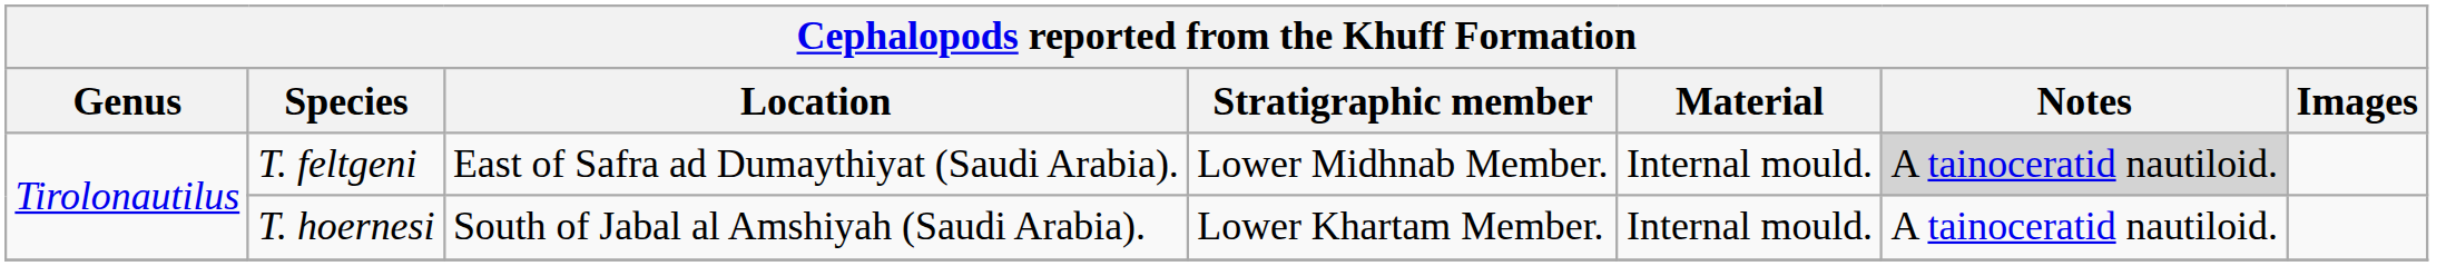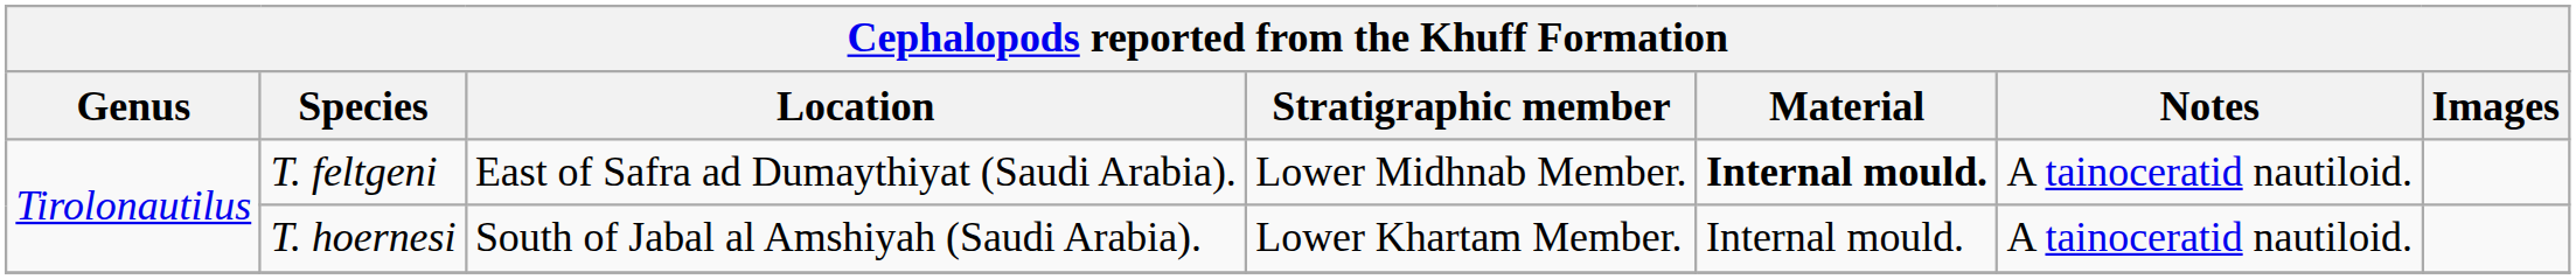 <table class="wikitable" align="center">
 <tr>
 <th colspan="7" align="center"><strong><a href='#'>Cephalopods</a> reported from the Khuff Formation</strong></th>
 </tr>
 <tr>
 <th>Genus</th>
 <th>Species</th>
 <th>Location</th>
 <th><strong>Stratigraphic member</strong></th>
 <th><strong>Material</strong></th>
 <th>Notes</th>
 <th>Images</th>
 </tr>
 <tr>
 <td rowspan="2"><em><a href='#'>Tirolonautilus</a></em></td>
 <td><em>T. feltgeni</em></td>
 <td>East of Safra ad Dumaythiyat (Saudi Arabia).</td>
 <td>Lower Midhnab Member.</td>
-<td>Internal mould.</td>
-<td style="background: lightgrey;">A <a href='#'>tainoceratid</a> nautiloid.</td>
+<td><strong>Internal mould.</strong></td>
+<td>A <a href='#'>tainoceratid</a> nautiloid.</td>
 <td></td>
 </tr>
 <tr>
 <td><em>T. hoernesi</em></td>
 <td>South of Jabal al Amshiyah (Saudi Arabia).</td>
 <td>Lower Khartam Member.</td>
 <td>Internal mould.</td>
 <td>A <a href='#'>tainoceratid</a> nautiloid.</td>
 <td></td>
 </tr>
 <tr>
 </tr>
 </table>
